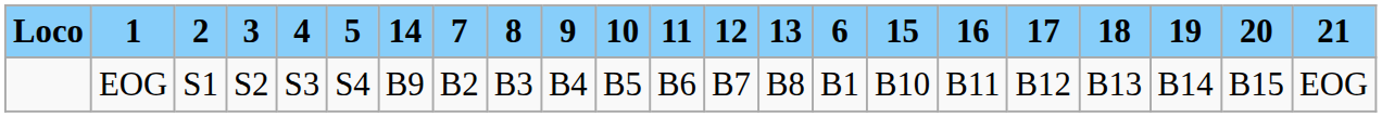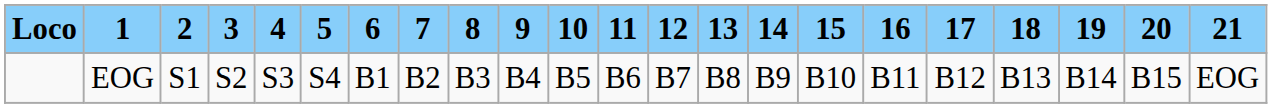 <table class="wikitable plainrowheaders unsortable" style="text-align:center">
 <tr>
 <th scope="col" rowspan="1" style="background:lightskyblue;">Loco</th>
 <th scope="col" rowspan="1" style="background:lightskyblue;">1</th>
 <th scope="col" rowspan="1" style="background:lightskyblue;">2</th>
 <th scope="col" rowspan="1" style="background:lightskyblue;">3</th>
 <th scope="col" rowspan="1" style="background:lightskyblue;">4</th>
 <th scope="col" rowspan="1" style="background:lightskyblue;">5</th>
-<th scope="col" rowspan="1" style="background:lightskyblue;">14</th>
+<th scope="col" rowspan="1" style="background:lightskyblue;">6</th>
 <th scope="col" rowspan="1" style="background:lightskyblue;">7</th>
 <th scope="col" rowspan="1" style="background:lightskyblue;">8</th>
 <th scope="col" rowspan="1" style="background:lightskyblue;">9</th>
 <th scope="col" rowspan="1" style="background:lightskyblue;">10</th>
 <th scope="col" rowspan="1" style="background:lightskyblue;">11</th>
 <th scope="col" rowspan="1" style="background:lightskyblue;">12</th>
 <th scope="col" rowspan="1" style="background:lightskyblue;">13</th>
-<th scope="col" rowspan="1" style="background:lightskyblue;">6</th>
+<th scope="col" rowspan="1" style="background:lightskyblue;">14</th>
 <th scope="col" rowspan="1" style="background:lightskyblue;">15</th>
 <th scope="col" rowspan="1" style="background:lightskyblue;">16</th>
 <th scope="col" rowspan="1" style="background:lightskyblue;">17</th>
 <th scope="col" rowspan="1" style="background:lightskyblue;">18</th>
 <th scope="col" rowspan="1" style="background:lightskyblue;">19</th>
 <th scope="col" rowspan="1" style="background:lightskyblue;">20</th>
 <th scope="col" rowspan="1" style="background:lightskyblue;">21</th>
 </tr>
 <tr>
 <td></td>
 <td>EOG</td>
 <td>S1</td>
 <td>S2</td>
 <td>S3</td>
 <td>S4</td>
-<td>B9</td>
+<td>B1</td>
 <td>B2</td>
 <td>B3</td>
 <td>B4</td>
 <td>B5</td>
 <td>B6</td>
 <td>B7</td>
 <td>B8</td>
-<td>B1</td>
+<td>B9</td>
 <td>B10</td>
 <td>B11</td>
 <td>B12</td>
 <td>B13</td>
 <td>B14</td>
 <td>B15</td>
 <td>EOG</td>
 </tr>
 </table>
